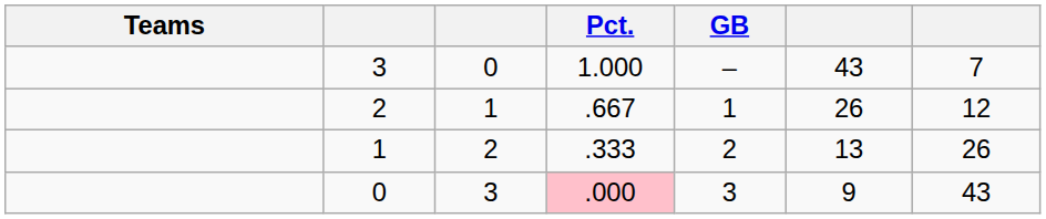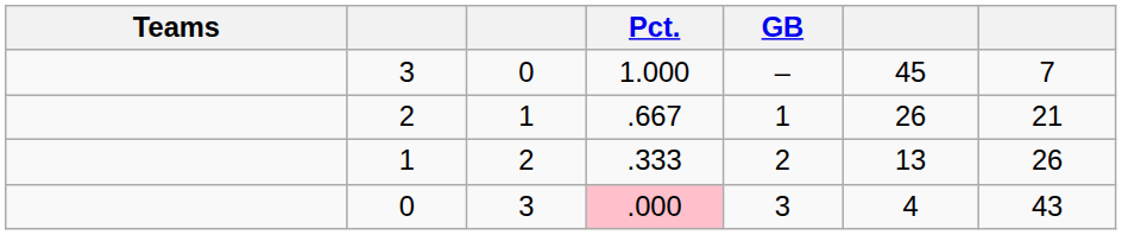 <table class="wikitable" width="50%" style="text-align:center;">
 <tr>
 <th width="20%">Teams</th>
 <th width="7%"></th>
 <th width="7%"></th>
 <th width="8%"><a href='#'>Pct.</a></th>
 <th width="7%"><a href='#'>GB</a></th>
 <th width="8%"></th>
 <th width="8%"></th>
 </tr>
 <tr>
 <td align=left></td>
 <td>3</td>
 <td>0</td>
 <td>1.000</td>
 <td>–</td>
-<td>43</td>
+<td>45</td>
 <td>7</td>
 </tr>
 <tr>
 <td align=left></td>
 <td>2</td>
 <td>1</td>
 <td>.667</td>
 <td>1</td>
 <td>26</td>
-<td>12</td>
+<td>21</td>
 </tr>
 <tr>
 <td align=left></td>
 <td>1</td>
 <td>2</td>
 <td>.333</td>
 <td>2</td>
 <td>13</td>
 <td>26</td>
 </tr>
 <tr>
 <td align=left></td>
 <td>0</td>
 <td>3</td>
 <td style="background: pink;">.000</td>
 <td>3</td>
-<td>9</td>
+<td>4</td>
 <td>43</td>
 </tr>
 </table>
